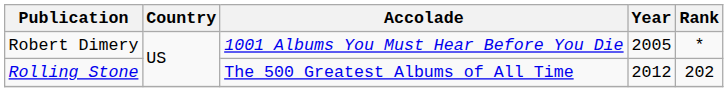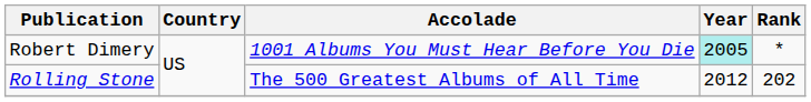 <table class="wikitable">
 <tr>
 <th>Publication</th>
 <th>Country</th>
 <th>Accolade</th>
 <th>Year</th>
 <th>Rank</th>
 </tr>
 <tr>
 <td>Robert Dimery</td>
 <td rowspan="2">US</td>
 <td><em><a href='#'>1001 Albums You Must Hear Before You Die</a></em></td>
-<td>2005</td>
+<td style="background: paleturquoise;">2005</td>
 <td style="text-align:center;">*</td>
 </tr>
 <tr>
 <td><em><a href='#'>Rolling Stone</a></em></td>
 <td><a href='#'>The 500 Greatest Albums of All Time</a></td>
 <td>2012</td>
 <td style="text-align:center;">202</td>
 </tr>
 <tr>
 </tr>
 </table>
